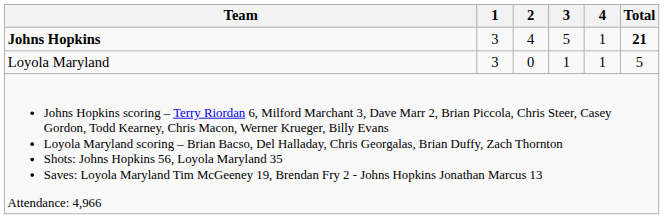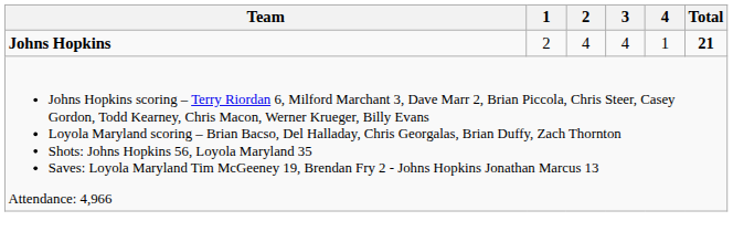 <table class="wikitable" style="text-align:center; max-width:45em">
 <tr>
 <th>Team</th>
 <th style="width:2em">1</th>
 <th style="width:2em">2</th>
 <th style="width:2em">3</th>
 <th style="width:2em">4</th>
 <th style="width:2em">Total</th>
 </tr>
 <tr>
 <td style="text-align:left"><strong>Johns Hopkins</strong></td>
-<td>3</td>
+<td>2</td>
 <td>4</td>
-<td>5</td>
+<td>4</td>
 <td>1</td>
 <td><strong>21</strong></td>
-</tr>
-<tr>
-<td style="text-align:left">Loyola Maryland</td>
-<td>3</td>
-<td>0</td>
-<td>1</td>
-<td>1</td>
-<td>5</td>
 </tr>
 <tr>
 <td colspan=6 style="text-align:left; font-size:88%;"><br><ul><li>Johns Hopkins scoring – <a href='#'>Terry Riordan</a> 6, Milford Marchant 3, Dave Marr 2, Brian Piccola, Chris Steer, Casey Gordon, Todd Kearney, Chris Macon, Werner Krueger, Billy Evans</li><li>Loyola Maryland scoring – Brian Bacso, Del Halladay, Chris Georgalas, Brian Duffy, Zach Thornton</li><li>Shots: Johns Hopkins 56, Loyola Maryland 35</li><li>Saves: Loyola Maryland Tim McGeeney 19, Brendan Fry 2 - Johns Hopkins Jonathan Marcus 13</li></ul>Attendance: 4,966 </td>
 </tr>
 </table>
